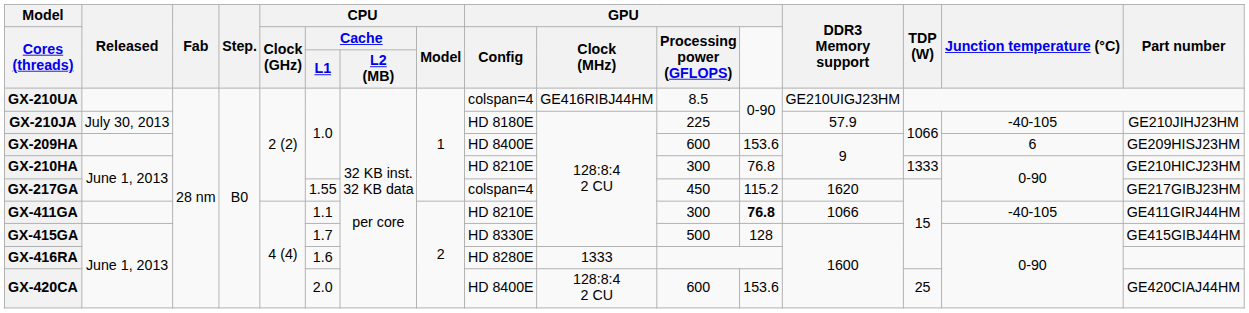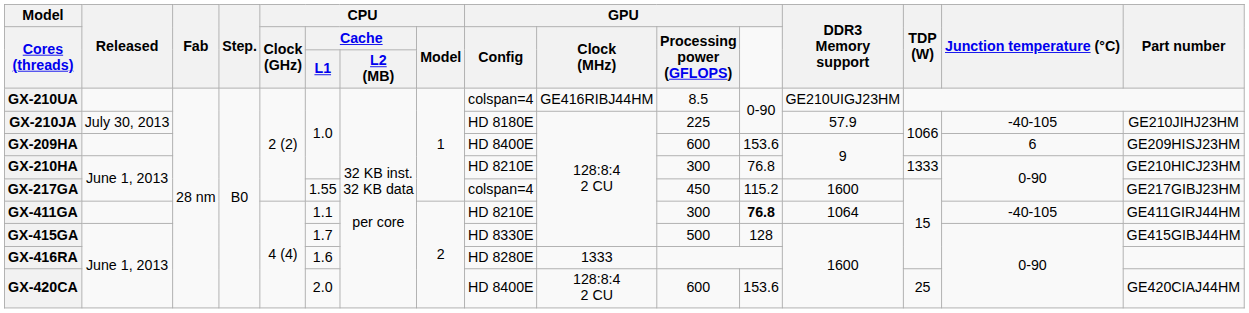 <table class="wikitable sortable sort-under" style="text-align: center">
 <tr>
 <th>Model</th>
 <th rowspan=3>Released</th>
 <th rowspan=3>Fab</th>
 <th rowspan=3>Step.</th>
 <th colspan="4">CPU</th>
 <th colspan=4>GPU</th>
 <th rowspan=3>DDR3<br>Memory<br>support</th>
 <th rowspan=3>TDP<br>(W)</th>
 <th rowspan=3><a href='#'>Junction temperature</a> (°C)</th>
 <th rowspan=3>Part number</th>
 </tr>
 <tr>
 <th rowspan=2><a href='#'>Cores</a><br><a href='#'>(threads)</a></th>
 <th rowspan=2>Clock<br>(GHz)</th>
 <th colspan="2"><a href='#'>Cache</a></th>
 <th rowspan=2>Model</th>
 <th rowspan=2>Config</th>
 <th rowspan=2>Clock<br>(MHz)</th>
 <th rowspan=2>Processing<br>power<br>(<a href='#'>GFLOPS</a>)</th>
 </tr>
 <tr>
 <th><a href='#'>L1</a></th>
 <th><a href='#'>L2</a><br>(MB)</th>
 </tr>
 <tr>
 <th>GX-210UA</th>
 <td></td>
 <td rowspan=9>28 nm</td>
 <td rowspan=9>B0</td>
 <td rowspan=5>2 (2)</td>
 <td rowspan=4>1.0</td>
 <td rowspan=9>32 KB inst.<br>32 KB data<br><br>per core</td>
 <td rowspan=5>1</td>
 <td>colspan=4 </td>
 <td>GE416RIBJ44HM</td>
 <td>8.5</td>
 <td rowspan=2>0-90</td>
 <td>GE210UIGJ23HM</td>
 </tr>
 <tr>
 <th>GX-210JA</th>
 <td>July 30, 2013</td>
 <td>HD 8180E</td>
 <td rowspan=6>128:8:4<br>2 CU</td>
 <td>225</td>
 <td>57.9</td>
 <td rowspan=2>1066</td>
 <td>-40-105</td>
 <td>GE210JIHJ23HM</td>
 </tr>
 <tr>
 <th>GX-209HA</th>
 <td></td>
 <td>HD 8400E</td>
 <td>600</td>
 <td>153.6</td>
 <td rowspan=2>9</td>
 <td>6</td>
 <td>GE209HISJ23HM</td>
 </tr>
 <tr>
 <th>GX-210HA</th>
 <td rowspan=2>June 1, 2013</td>
 <td>HD 8210E</td>
 <td>300</td>
 <td>76.8</td>
 <td>1333</td>
 <td rowspan=2>0-90</td>
 <td>GE210HICJ23HM</td>
 </tr>
 <tr>
 <th>GX-217GA</th>
 <td>1.55</td>
 <td>colspan=4 </td>
 <td>450</td>
 <td>115.2</td>
-<td>1620</td>
+<td>1600</td>
 <td rowspan=4>15</td>
 <td>GE217GIBJ23HM</td>
 </tr>
 <tr>
 <th>GX-411GA</th>
 <td></td>
 <td rowspan=4>4 (4)</td>
 <td>1.1</td>
 <td rowspan=4>2</td>
 <td>HD 8210E</td>
 <td>300</td>
 <td><strong>76.8</strong></td>
-<td>1066</td>
+<td>1064</td>
 <td>-40-105</td>
 <td>GE411GIRJ44HM</td>
 </tr>
 <tr>
 <th>GX-415GA</th>
 <td rowspan=3>June 1, 2013</td>
 <td>1.7</td>
 <td>HD 8330E</td>
 <td>500</td>
 <td>128</td>
 <td rowspan=3>1600</td>
 <td rowspan=3>0-90</td>
 <td>GE415GIBJ44HM</td>
 </tr>
 <tr>
 <th>GX-416RA</th>
 <td>1.6</td>
 <td>HD 8280E</td>
 <td>1333</td>
 </tr>
 <tr>
 <th>GX-420CA</th>
 <td>2.0</td>
 <td>HD 8400E</td>
 <td>128:8:4<br>2 CU</td>
 <td>600</td>
 <td>153.6</td>
 <td>25</td>
 <td>GE420CIAJ44HM</td>
 </tr>
 </table>
